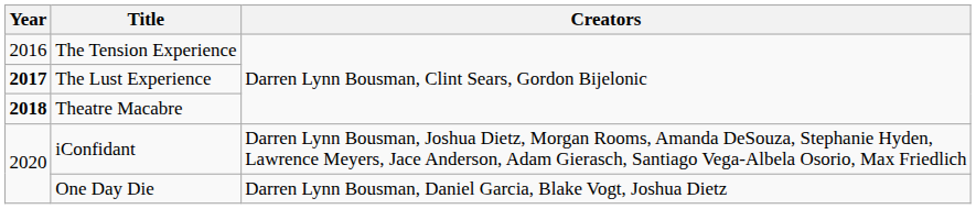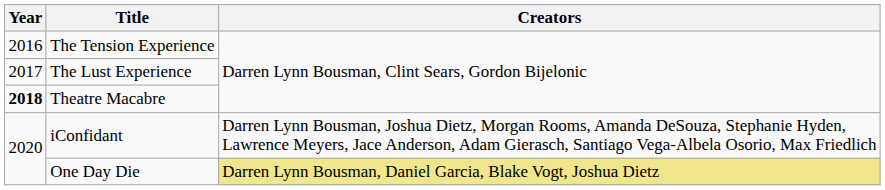 <table class="wikitable">
 <tr>
 <th>Year</th>
 <th>Title</th>
 <th>Creators</th>
 </tr>
 <tr>
 <td>2016</td>
 <td>The Tension Experience</td>
 <td rowspan=3>Darren Lynn Bousman, Clint Sears, Gordon Bijelonic</td>
 </tr>
 <tr>
-<td><strong>2017</strong></td>
+<td>2017</td>
 <td>The Lust Experience</td>
 </tr>
 <tr>
 <td><strong>2018</strong></td>
 <td>Theatre Macabre</td>
 </tr>
 <tr>
 <td rowspan=2>2020</td>
 <td>iConfidant</td>
 <td>Darren Lynn Bousman, Joshua Dietz, Morgan Rooms, Amanda DeSouza, Stephanie Hyden,<br>Lawrence Meyers, Jace Anderson, Adam Gierasch, Santiago Vega-Albela Osorio, Max Friedlich</td>
 </tr>
 <tr>
 <td>One Day Die</td>
-<td>Darren Lynn Bousman, Daniel Garcia, Blake Vogt, Joshua Dietz</td>
+<td style="background: khaki;">Darren Lynn Bousman, Daniel Garcia, Blake Vogt, Joshua Dietz</td>
 </tr>
 </table>
